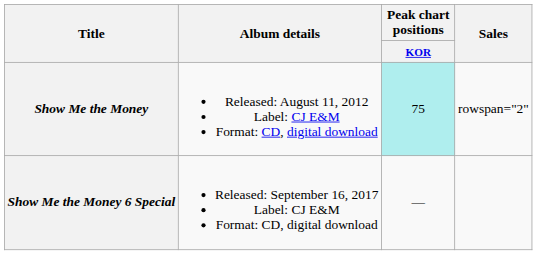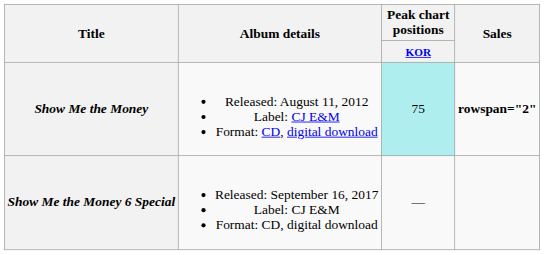 <table class="wikitable plainrowheaders" style="text-align:center;">
 <tr>
 <th scope="col" rowspan="2">Title</th>
 <th scope="col" rowspan="2">Album details</th>
 <th scope="col" colspan="1" style="width:5em;">Peak chart positions</th>
 <th scope="col" rowspan="2">Sales</th>
 </tr>
 <tr>
 <th><small><a href='#'>KOR</a></small><br></th>
 </tr>
 <tr>
 <th scope="row"><em>Show Me the Money</em></th>
 <td><br><ul><li>Released: August 11, 2012</li><li>Label: <a href='#'>CJ E&M</a></li><li>Format: <a href='#'>CD</a>, <a href='#'>digital download</a></li></ul></td>
 <td style="background: paleturquoise;">75</td>
-<td>rowspan="2" </td>
+<td><strong>rowspan="2" </strong></td>
 </tr>
 <tr>
 <th scope="row"><em>Show Me the Money 6 Special</em></th>
 <td><br><ul><li>Released: September 16, 2017</li><li>Label: CJ E&M</li><li>Format: CD, digital download</li></ul></td>
 <td>—</td>
 </tr>
 </table>
